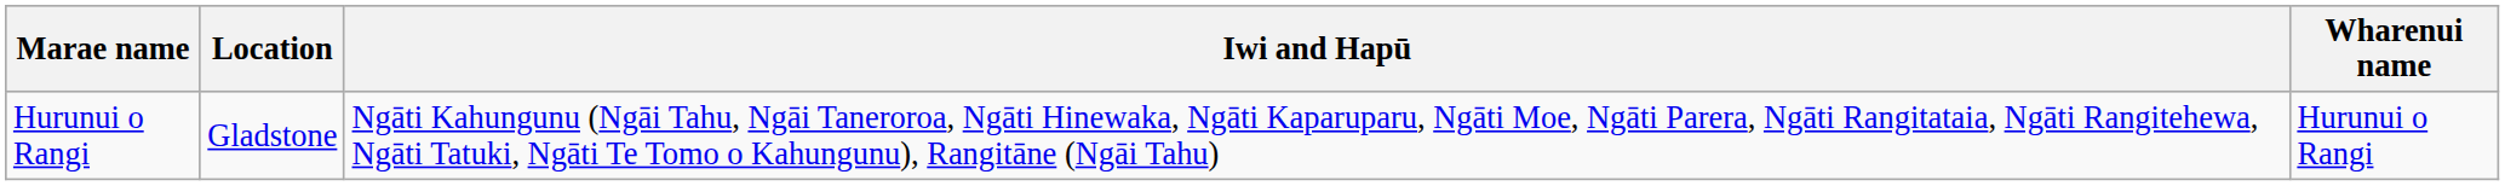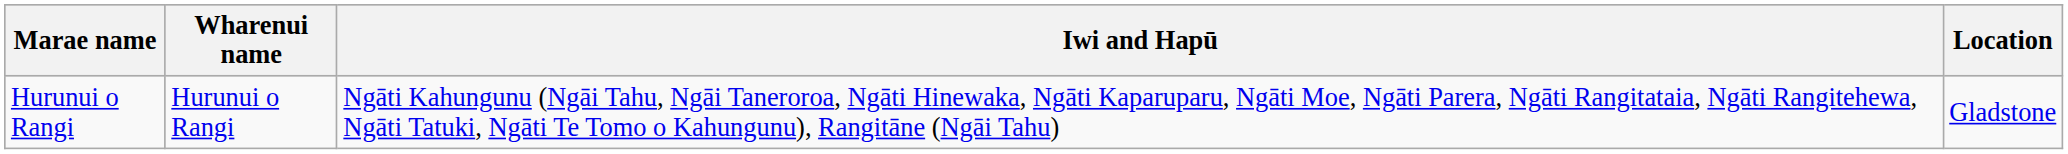 <table class="wikitable sortable">
 <tr>
 <th>Marae name</th>
+<th>Wharenui name</th>
+<th>Iwi and Hapū</th>
 <th>Location</th>
-<th>Iwi and Hapū</th>
-<th>Wharenui name</th>
 </tr>
 <tr>
 <td><a href='#'>Hurunui o Rangi</a></td>
+<td><a href='#'>Hurunui o Rangi</a></td>
+<td><a href='#'>Ngāti Kahungunu</a> (<a href='#'>Ngāi Tahu</a>, <a href='#'>Ngāi Taneroroa</a>, <a href='#'>Ngāti Hinewaka</a>, <a href='#'>Ngāti Kaparuparu</a>, <a href='#'>Ngāti Moe</a>, <a href='#'>Ngāti Parera</a>, <a href='#'>Ngāti Rangitataia</a>, <a href='#'>Ngāti Rangitehewa</a>, <a href='#'>Ngāti Tatuki</a>, <a href='#'>Ngāti Te Tomo o Kahungunu</a>), <a href='#'>Rangitāne</a> (<a href='#'>Ngāi Tahu</a>)</td>
 <td><a href='#'>Gladstone</a></td>
-<td><a href='#'>Ngāti Kahungunu</a> (<a href='#'>Ngāi Tahu</a>, <a href='#'>Ngāi Taneroroa</a>, <a href='#'>Ngāti Hinewaka</a>, <a href='#'>Ngāti Kaparuparu</a>, <a href='#'>Ngāti Moe</a>, <a href='#'>Ngāti Parera</a>, <a href='#'>Ngāti Rangitataia</a>, <a href='#'>Ngāti Rangitehewa</a>, <a href='#'>Ngāti Tatuki</a>, <a href='#'>Ngāti Te Tomo o Kahungunu</a>), <a href='#'>Rangitāne</a> (<a href='#'>Ngāi Tahu</a>)</td>
-<td><a href='#'>Hurunui o Rangi</a></td>
 </tr>
 </table>
